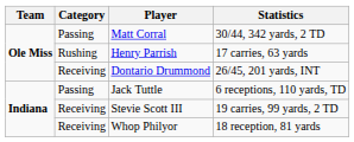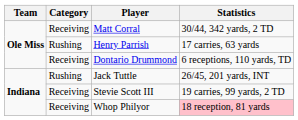 <table class="wikitable" style="float: right;">
 <tr>
 <th>Team</th>
 <th>Category</th>
 <th>Player</th>
 <th>Statistics</th>
 </tr>
 <tr>
 <td rowspan=3><strong>Ole Miss</strong></td>
-<td>Passing</td>
+<td>Receiving</td>
 <td><a href='#'>Matt Corral</a></td>
 <td>30/44, 342 yards, 2 TD</td>
 </tr>
 <tr>
 <td>Rushing</td>
 <td><a href='#'>Henry Parrish</a></td>
 <td>17 carries, 63 yards</td>
 </tr>
 <tr>
 <td>Receiving</td>
 <td><a href='#'>Dontario Drummond</a></td>
-<td>26/45, 201 yards, INT</td>
+<td>6 receptions, 110 yards, TD</td>
 </tr>
 <tr>
 <td rowspan=3><strong>Indiana</strong></td>
-<td>Passing</td>
+<td>Rushing</td>
 <td>Jack Tuttle</td>
-<td>6 receptions, 110 yards, TD</td>
+<td>26/45, 201 yards, INT</td>
 </tr>
 <tr>
 <td>Receiving</td>
 <td>Stevie Scott III</td>
 <td>19 carries, 99 yards, 2 TD</td>
 </tr>
 <tr>
 <td>Receiving</td>
 <td>Whop Philyor</td>
-<td>18 reception, 81 yards</td>
+<td style="background: pink;">18 reception, 81 yards</td>
 </tr>
 </table>
